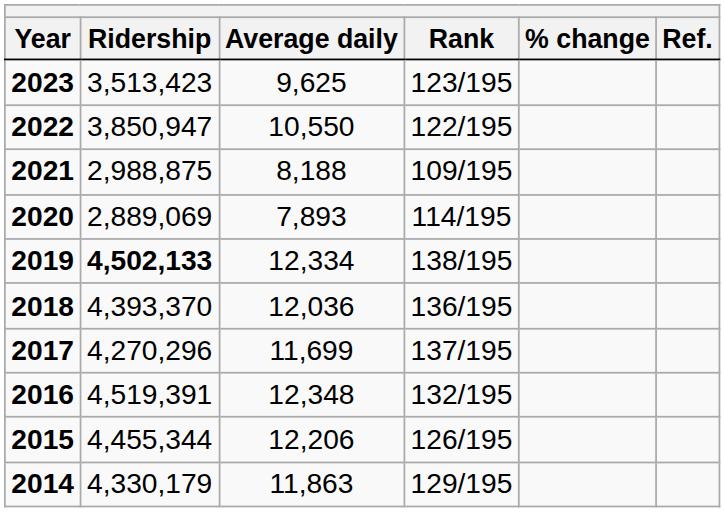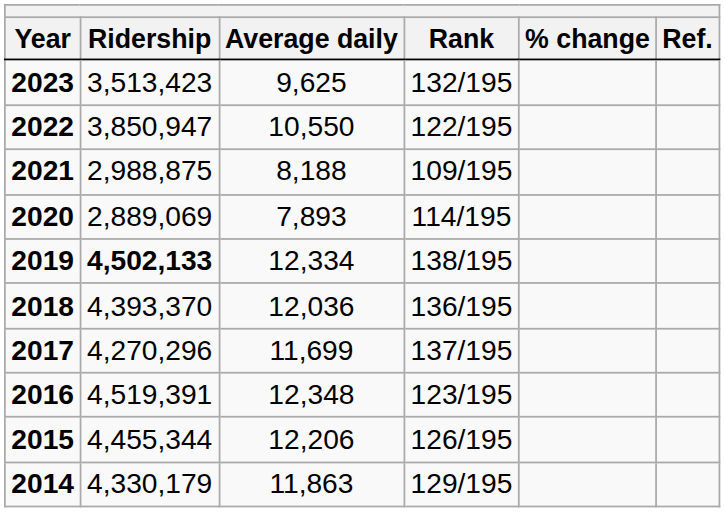 <table class="wikitable sortable" style="text-align:right;">
 <tr>
 <th colspan="6" style="background-color:#"></th>
 </tr>
 <tr style="font-size:95%; text-align:center">
 <th style="border-bottom:1px solid black">Year</th>
 <th style="border-bottom:1px solid black">Ridership</th>
 <th style="border-bottom:1px solid black">Average daily</th>
 <th style="border-bottom:1px solid black">Rank</th>
 <th style="border-bottom:1px solid black">% change</th>
 <th style="border-bottom:1px solid black">Ref.</th>
 </tr>
 <tr style="text-align:center;">
 <td><strong>2023</strong></td>
 <td>3,513,423</td>
 <td>9,625</td>
-<td>123/195</td>
+<td>132/195</td>
 <td></td>
 <td></td>
 </tr>
 <tr style="text-align:center;">
 <td><strong>2022</strong></td>
 <td>3,850,947</td>
 <td>10,550</td>
 <td>122/195</td>
 <td></td>
 <td></td>
 </tr>
 <tr style="text-align:center;">
 <td><strong>2021</strong></td>
 <td>2,988,875</td>
 <td>8,188</td>
 <td>109/195</td>
 <td></td>
 <td></td>
 </tr>
 <tr style="text-align:center;">
 <td><strong>2020</strong></td>
 <td>2,889,069</td>
 <td>7,893</td>
 <td>114/195</td>
 <td></td>
 <td></td>
 </tr>
 <tr style="text-align:center;">
 <td><strong>2019</strong></td>
 <td><strong>4,502,133</strong></td>
 <td>12,334</td>
 <td>138/195</td>
 <td></td>
 <td></td>
 </tr>
 <tr style="text-align:center;">
 <td><strong>2018</strong></td>
 <td>4,393,370</td>
 <td>12,036</td>
 <td>136/195</td>
 <td></td>
 <td></td>
 </tr>
 <tr style="text-align:center;">
 <td><strong>2017</strong></td>
 <td>4,270,296</td>
 <td>11,699</td>
 <td>137/195</td>
 <td></td>
 <td></td>
 </tr>
 <tr style="text-align:center;">
 <td><strong>2016</strong></td>
 <td>4,519,391</td>
 <td>12,348</td>
-<td>132/195</td>
+<td>123/195</td>
 <td></td>
 <td></td>
 </tr>
 <tr style="text-align:center;">
 <td><strong>2015</strong></td>
 <td>4,455,344</td>
 <td>12,206</td>
 <td>126/195</td>
 <td></td>
 <td></td>
 </tr>
 <tr style="text-align:center;">
 <td><strong>2014</strong></td>
 <td>4,330,179</td>
 <td>11,863</td>
 <td>129/195</td>
 <td></td>
 <td></td>
 </tr>
 </table>
